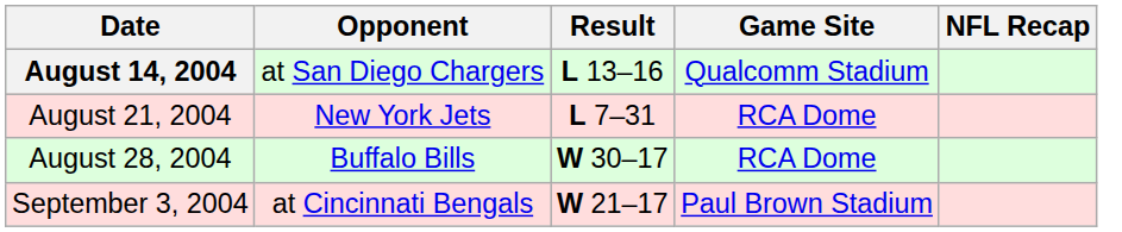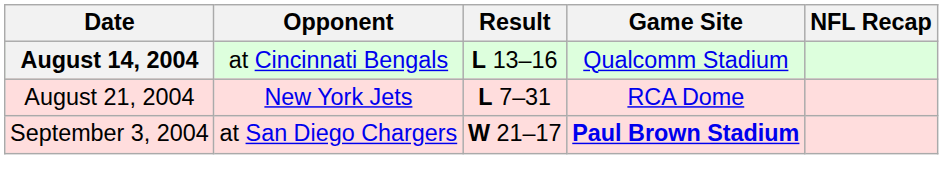 <table class="wikitable" style="text-align:center;">
 <tr>
 <th>Date</th>
 <th>Opponent</th>
 <th>Result</th>
 <th>Game Site</th>
 <th>NFL Recap</th>
 </tr>
 <tr style="background: #ddffdd;" align="center">
 <th>August 14, 2004</th>
-<td>at <a href='#'>San Diego Chargers</a></td>
+<td>at <a href='#'>Cincinnati Bengals</a></td>
 <td><strong>L</strong> 13–16</td>
 <td><a href='#'>Qualcomm Stadium</a></td>
 <td></td>
 </tr>
 <tr style="background: #ffdddd;">
 <td>August 21, 2004</td>
 <td><a href='#'>New York Jets</a></td>
 <td><strong>L</strong> 7–31</td>
 <td><a href='#'>RCA Dome</a></td>
 <td></td>
 </tr>
-<tr style="background: #ddffdd;">
-<td>August 28, 2004</td>
-<td><a href='#'>Buffalo Bills</a></td>
-<td><strong>W</strong> 30–17</td>
-<td><a href='#'>RCA Dome</a></td>
-<td></td>
-</tr>
 <tr style="background: #ffdddd;">
 <td>September 3, 2004</td>
-<td>at <a href='#'>Cincinnati Bengals</a></td>
+<td>at <a href='#'>San Diego Chargers</a></td>
 <td><strong>W</strong> 21–17</td>
-<td><a href='#'>Paul Brown Stadium</a></td>
+<td><strong><a href='#'>Paul Brown Stadium</a></strong></td>
 <td></td>
 </tr>
 </table>
